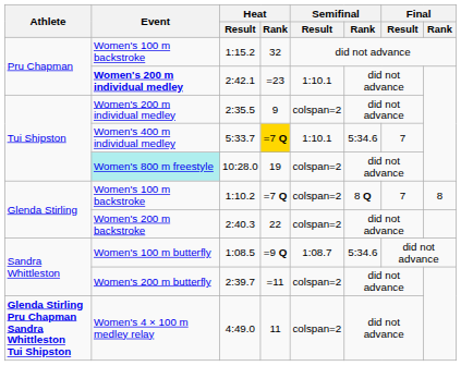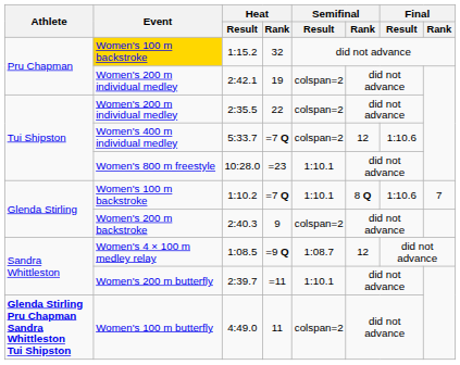 <table class="wikitable" style="font-size:90%;text-align:center;">
 <tr>
 <th rowspan=2>Athlete</th>
 <th rowspan=2>Event</th>
 <th colspan=2>Heat</th>
 <th colspan=2>Semifinal</th>
 <th colspan=2>Final</th>
 </tr>
 <tr style="font-size:95%">
 <th>Result</th>
 <th>Rank</th>
 <th>Result</th>
 <th>Rank</th>
 <th>Result</th>
 <th>Rank</th>
 </tr>
 <tr align=center>
 <td align=left rowspan=2><a href='#'>Pru Chapman</a></td>
-<td align=left><a href='#'>Women's 100 m backstroke</a></td>
+<td align=left style="background: gold;"><a href='#'>Women's 100 m backstroke</a></td>
 <td>1:15.2</td>
 <td>32</td>
 <td colspan=4>did not advance</td>
 </tr>
 <tr align=center>
-<td align=left><strong><a href='#'>Women's 200 m individual medley</a></strong></td>
+<td align=left><a href='#'>Women's 200 m individual medley</a></td>
 <td>2:42.1</td>
-<td>=23</td>
-<td>1:10.1</td>
+<td>19</td>
+<td>colspan=2 </td>
 <td colspan=2>did not advance</td>
 </tr>
 <tr align=center>
 <td align=left rowspan=3><a href='#'>Tui Shipston</a></td>
 <td align=left><a href='#'>Women's 200 m individual medley</a></td>
 <td>2:35.5</td>
-<td>9</td>
+<td>22</td>
 <td>colspan=2 </td>
 <td colspan=2>did not advance</td>
 </tr>
 <tr align=center>
 <td align=left><a href='#'>Women's 400 m individual medley</a></td>
 <td>5:33.7</td>
-<td style="background: gold;">=7 <strong>Q</strong></td>
-<td>1:10.1</td>
-<td>5:34.6</td>
-<td>7</td>
+<td>=7 <strong>Q</strong></td>
+<td>colspan=2 </td>
+<td>12</td>
+<td>1:10.6</td>
 </tr>
 <tr align=center>
-<td align=left style="background: paleturquoise;"><a href='#'>Women's 800 m freestyle</a></td>
+<td align=left><a href='#'>Women's 800 m freestyle</a></td>
 <td>10:28.0</td>
-<td>19</td>
-<td>colspan=2 </td>
+<td>=23</td>
+<td>1:10.1</td>
 <td colspan=2>did not advance</td>
 </tr>
 <tr align=center>
 <td align=left rowspan=2><a href='#'>Glenda Stirling</a></td>
 <td align=left><a href='#'>Women's 100 m backstroke</a></td>
 <td>1:10.2</td>
 <td>=7 <strong>Q</strong></td>
-<td>colspan=2 </td>
+<td>1:10.1</td>
 <td>8 <strong>Q</strong></td>
+<td>1:10.6</td>
 <td>7</td>
-<td>8</td>
 </tr>
 <tr align=center>
 <td align=left><a href='#'>Women's 200 m backstroke</a></td>
 <td>2:40.3</td>
-<td>22</td>
+<td>9</td>
 <td>colspan=2 </td>
 <td colspan=2>did not advance</td>
 </tr>
 <tr align=center>
 <td align=left rowspan=2><a href='#'>Sandra Whittleston</a></td>
-<td align=left><a href='#'>Women's 100 m butterfly</a></td>
+<td align=left><a href='#'>Women's 4 × 100 m medley relay</a></td>
 <td>1:08.5</td>
 <td>=9 <strong>Q</strong></td>
 <td>1:08.7</td>
-<td>5:34.6</td>
+<td>12</td>
 <td colspan=2>did not advance</td>
 </tr>
 <tr align=center>
 <td align=left><a href='#'>Women's 200 m butterfly</a></td>
 <td>2:39.7</td>
 <td>=11</td>
-<td>colspan=2 </td>
+<td>1:10.1</td>
 <td colspan=2>did not advance</td>
 </tr>
 <tr align=center>
 <td align=left><strong><a href='#'>Glenda Stirling</a><br><a href='#'>Pru Chapman</a><br><a href='#'>Sandra Whittleston</a><br><a href='#'>Tui Shipston</a></strong></td>
-<td align=left><a href='#'>Women's 4 × 100 m medley relay</a></td>
+<td align=left><a href='#'>Women's 100 m butterfly</a></td>
 <td>4:49.0</td>
 <td>11</td>
 <td>colspan=2 </td>
 <td colspan=2>did not advance</td>
 </tr>
 </table>
